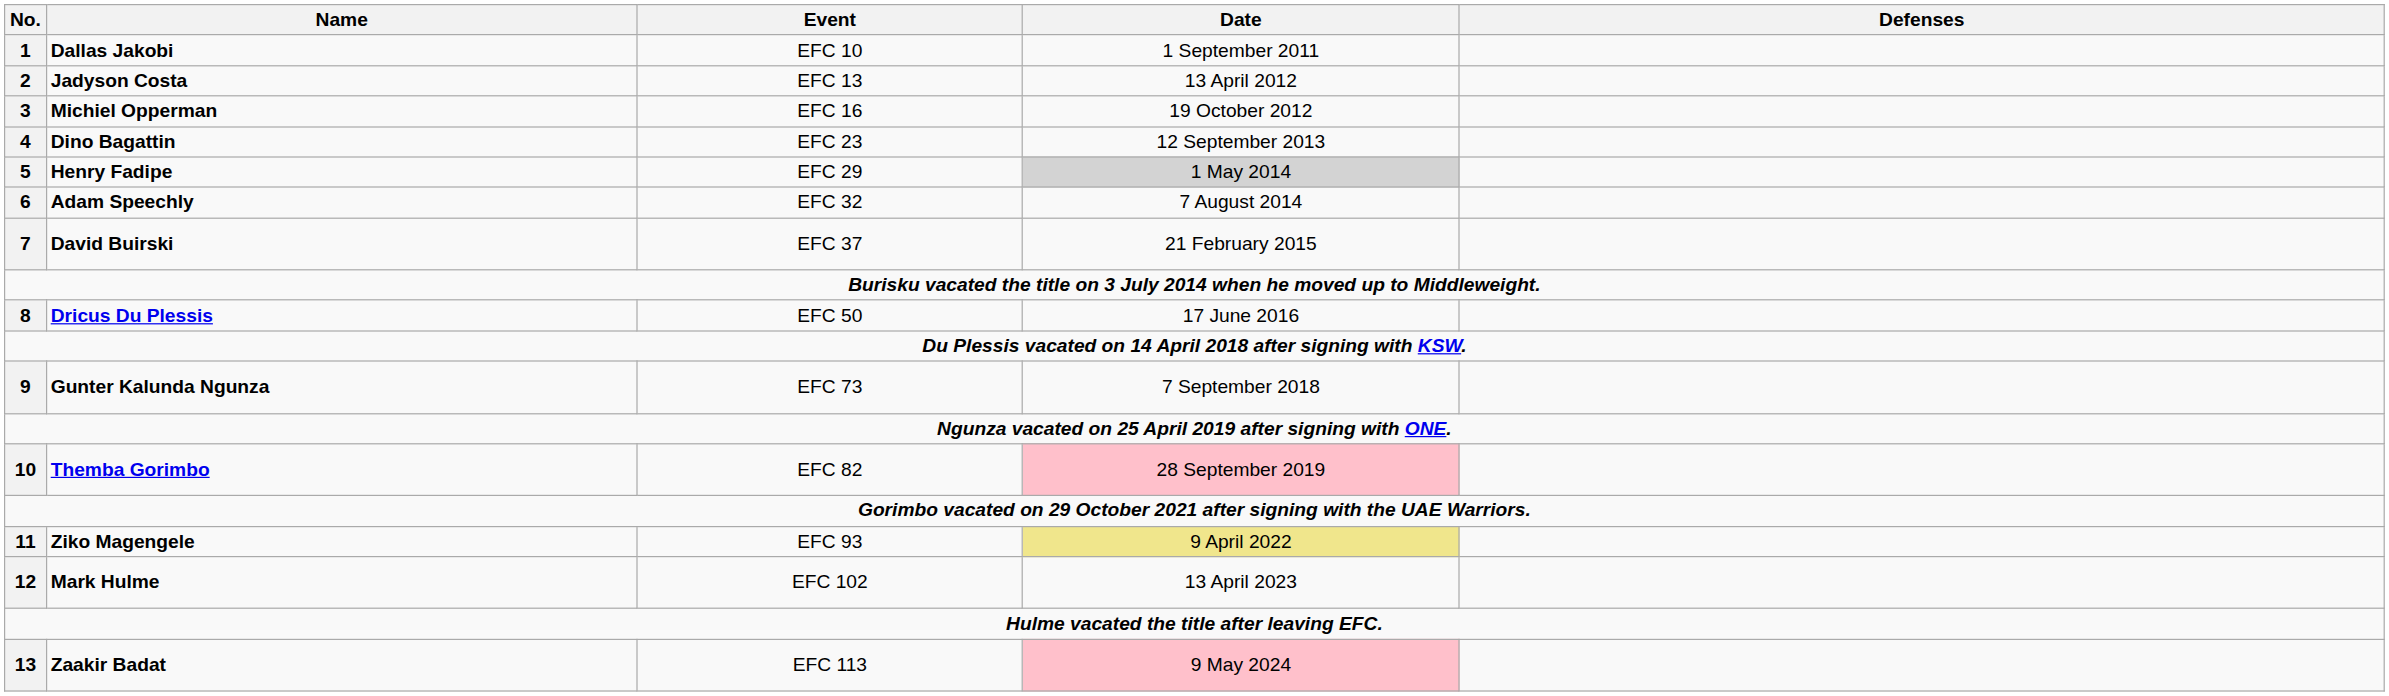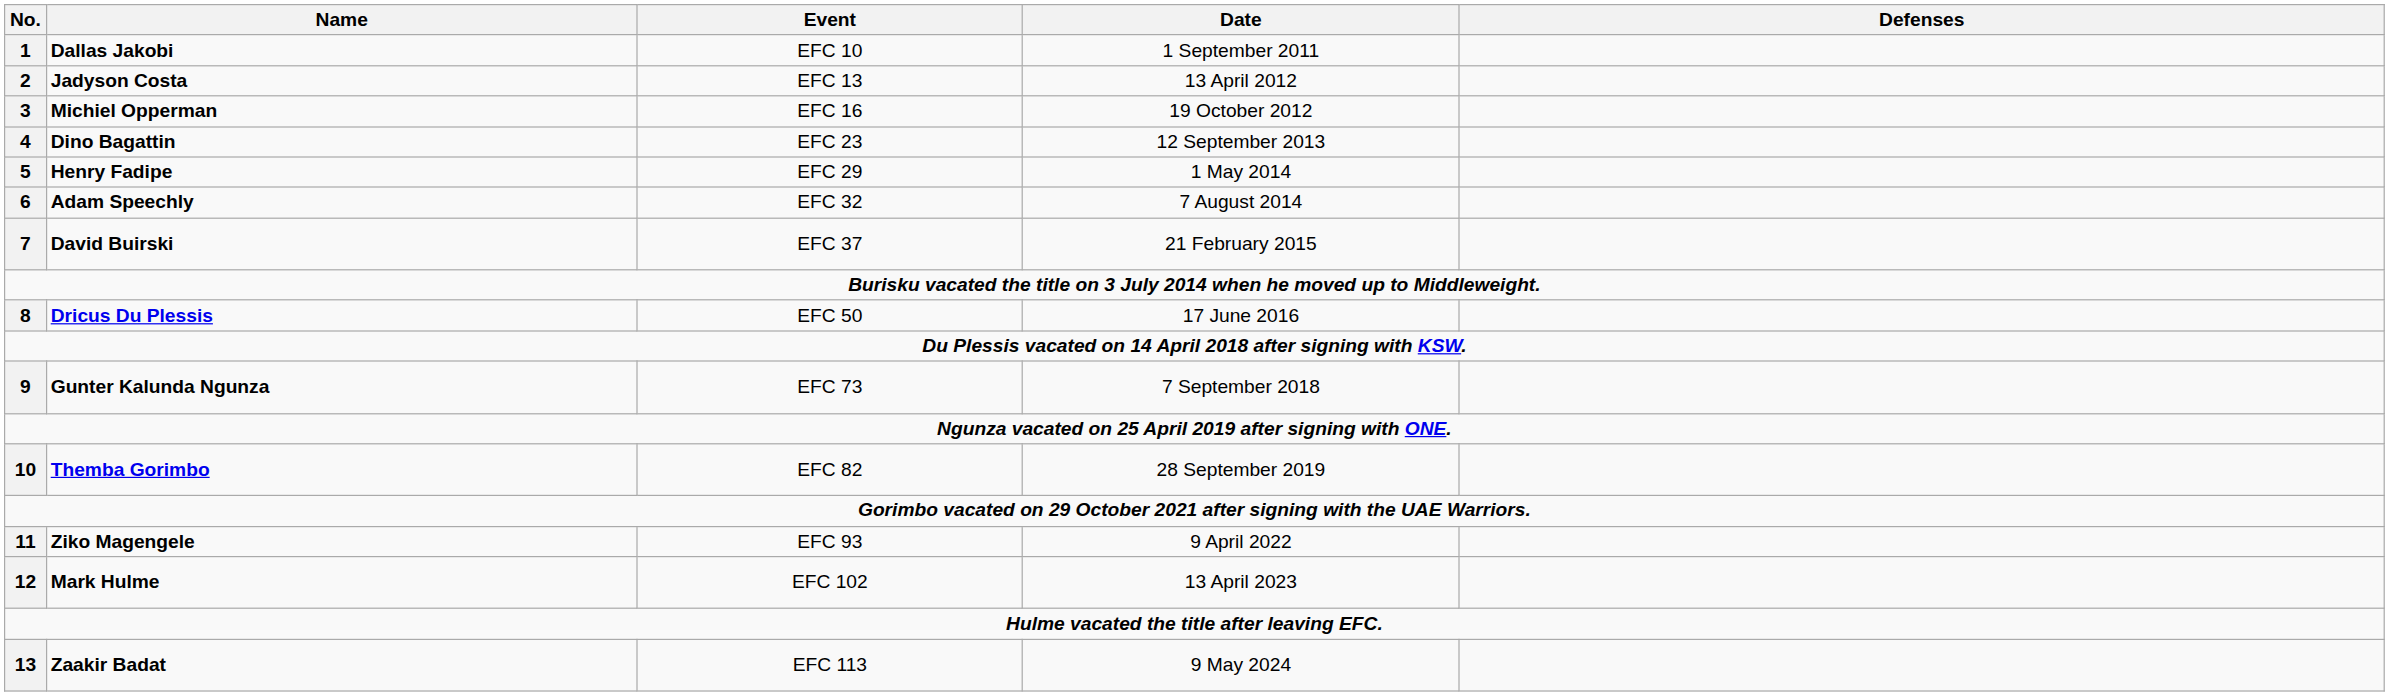 <table class="wikitable" width=100%>
 <tr>
 <th width=1%>No.</th>
 <th width=23%>Name</th>
 <th width=15%>Event</th>
 <th width=17%>Date</th>
 <th width=36%>Defenses</th>
 </tr>
 <tr>
 <th>1</th>
 <td align=left> <strong>Dallas Jakobi</strong><br></td>
 <td align=center>EFC 10<br></td>
 <td align=center>1 September 2011</td>
 <td></td>
 </tr>
 <tr>
 <th>2</th>
 <td align=left> <strong>Jadyson Costa</strong></td>
 <td align=center>EFC 13<br></td>
 <td align=center>13 April 2012</td>
 <td></td>
 </tr>
 <tr>
 <th>3</th>
 <td align=left> <strong>Michiel Opperman</strong></td>
 <td align=center>EFC 16 <br></td>
 <td align=center>19 October 2012</td>
 <td></td>
 </tr>
 <tr>
 <th>4</th>
 <td align=left> <strong>Dino Bagattin</strong></td>
 <td align=center>EFC 23<br></td>
 <td align=center>12 September 2013</td>
 <td></td>
 </tr>
 <tr>
 <th>5</th>
 <td align=left> <strong>Henry Fadipe</strong></td>
 <td align=center>EFC 29<br></td>
-<td align=center style="background: lightgrey;">1 May 2014</td>
+<td align=center>1 May 2014</td>
 <td></td>
 </tr>
 <tr>
 <th>6</th>
 <td align=left> <strong>Adam Speechly</strong></td>
 <td align=center>EFC 32<br></td>
 <td align=center>7 August 2014</td>
 <td></td>
 </tr>
 <tr>
 <th>7</th>
 <td align=left> <strong>David Buirski</strong></td>
 <td align=center>EFC 37 <br></td>
 <td align=center>21 February 2015</td>
 <td><br><br></td>
 </tr>
 <tr>
 <td align="center" colspan="6"><strong><em>Burisku vacated the title on 3 July 2014 when he moved up to Middleweight.</em></strong></td>
 </tr>
 <tr>
 <th>8</th>
 <td align=left> <strong><a href='#'>Dricus Du Plessis</a></strong> <br></td>
 <td align=center>EFC 50 <br></td>
 <td align=center>17 June 2016</td>
 <td></td>
 </tr>
 <tr>
 <td align="center" colspan="6"><strong><em>Du Plessis vacated on 14 April 2018 after signing with <a href='#'>KSW</a>.</em></strong></td>
 </tr>
 <tr>
 <th>9</th>
 <td align=left> <strong>Gunter Kalunda Ngunza</strong> <br></td>
 <td align=center>EFC 73 <br></td>
 <td align=center>7 September 2018</td>
 <td><br><br></td>
 </tr>
 <tr>
 <td align="center" colspan="6"><strong><em>Ngunza vacated on 25 April 2019 after signing with <a href='#'>ONE</a>.</em></strong></td>
 </tr>
 <tr>
 <th>10</th>
 <td align=left> <strong><a href='#'>Themba Gorimbo</a></strong> <br></td>
 <td align=center>EFC 82 <br></td>
-<td align=center style="background: pink;">28 September 2019</td>
+<td align=center>28 September 2019</td>
 <td><br><br></td>
 </tr>
 <tr>
 <td align="center" colspan="6"><strong><em>Gorimbo vacated on 29 October 2021 after signing with the UAE Warriors.</em></strong></td>
 </tr>
 <tr>
 <th>11</th>
 <td align=left> <strong>Ziko Magengele</strong> <br></td>
 <td align=center>EFC 93 <br></td>
-<td align=center style="background: khaki;">9 April 2022</td>
+<td align=center>9 April 2022</td>
 <td></td>
 </tr>
 <tr>
 <th>12</th>
 <td align=left> <strong>Mark Hulme</strong> <br> </td>
 <td align=center>EFC 102 <br></td>
 <td align=center>13 April 2023</td>
 <td><br><br></td>
 </tr>
 <tr>
 <td align="center" colspan="6"><strong><em>Hulme vacated the title after leaving EFC.</em></strong></td>
 </tr>
 <tr>
 <th>13</th>
 <td align=left> <strong>Zaakir Badat</strong> <br> </td>
 <td align=center>EFC 113 <br></td>
-<td align=center style="background: pink;">9 May 2024</td>
+<td align=center>9 May 2024</td>
 <td><br><br></td>
 </tr>
 </table>
